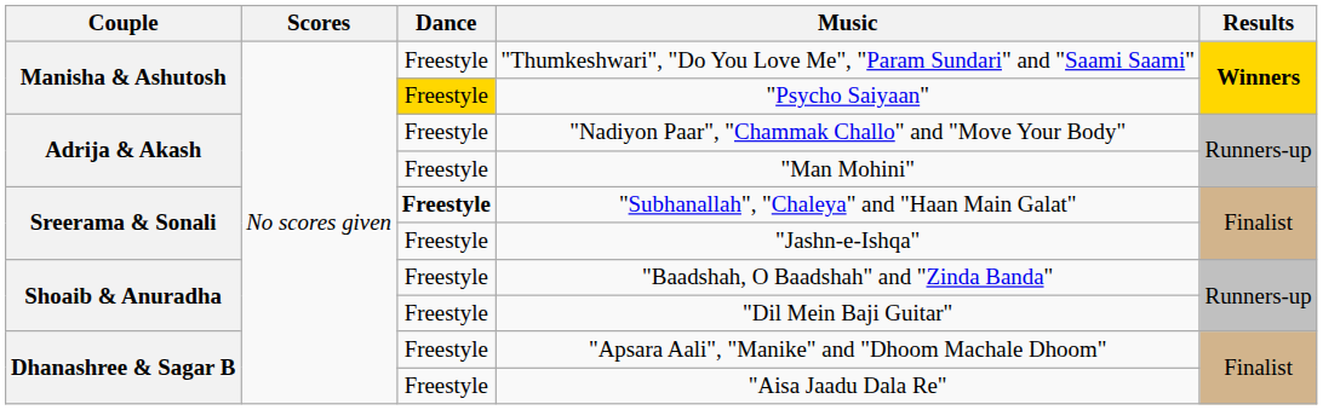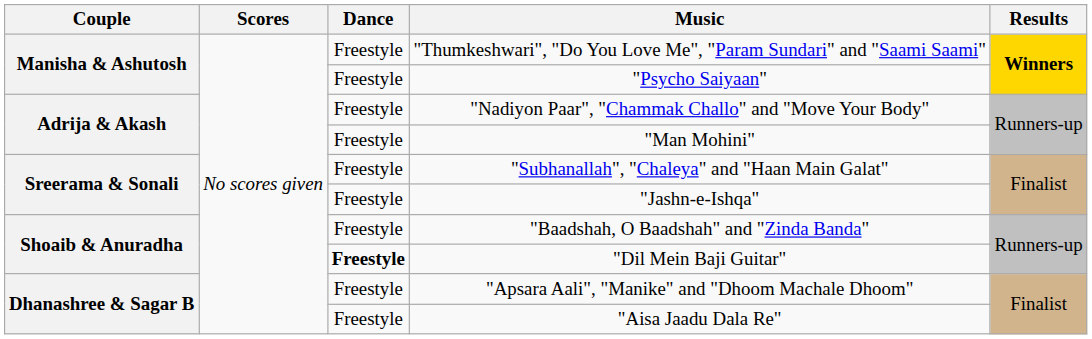 <table class="wikitable plainrowheaders sortable" style="text-align:center;">
 <tr>
 <th class="sortable" scope="col" style="text-align:center">Couple</th>
 <th scope="col">Scores</th>
 <th class="unsortable" scope="col">Dance</th>
 <th scope="col" class="unsortable">Music</th>
 <th scope="col" class="unsortable">Results</th>
 </tr>
 <tr>
 <th rowspan="2">Manisha & Ashutosh</th>
 <td rowspan="10"><em>No scores given</em></td>
 <td>Freestyle</td>
 <td>"Thumkeshwari", "Do You Love Me", "<a href='#'>Param Sundari</a>" and "<a href='#'>Saami Saami</a>"</td>
 <td rowspan="2" bgcolor=gold><strong>Winners</strong></td>
 </tr>
 <tr>
-<td style="background: gold;">Freestyle</td>
+<td>Freestyle</td>
 <td>"<a href='#'>Psycho Saiyaan</a>"</td>
 </tr>
 <tr>
 <th rowspan="2">Adrija & Akash</th>
 <td>Freestyle</td>
 <td>"Nadiyon Paar", "<a href='#'>Chammak Challo</a>" and "Move Your Body"</td>
 <td rowspan="2" bgcolor=silver>Runners-up</td>
 </tr>
 <tr>
 <td>Freestyle</td>
 <td>"Man Mohini"</td>
 </tr>
 <tr>
 <th rowspan="2">Sreerama & Sonali</th>
-<td><strong>Freestyle</strong></td>
+<td>Freestyle</td>
 <td>"<a href='#'>Subhanallah</a>", "<a href='#'>Chaleya</a>" and "Haan Main Galat"</td>
 <td rowspan="2" bgcolor=tan>Finalist</td>
 </tr>
 <tr>
 <td>Freestyle</td>
 <td>"Jashn-e-Ishqa"</td>
 </tr>
 <tr>
 <th rowspan="2">Shoaib & Anuradha</th>
 <td>Freestyle</td>
 <td>"Baadshah, O Baadshah" and "<a href='#'>Zinda Banda</a>"</td>
 <td rowspan="2" bgcolor=silver>Runners-up</td>
 </tr>
 <tr>
-<td>Freestyle</td>
+<td><strong>Freestyle</strong></td>
 <td>"Dil Mein Baji Guitar"</td>
 </tr>
 <tr>
 <th rowspan="2">Dhanashree & Sagar B</th>
 <td>Freestyle</td>
 <td>"Apsara Aali", "Manike" and "Dhoom Machale Dhoom"</td>
 <td rowspan="2" bgcolor=tan>Finalist</td>
 </tr>
 <tr>
 <td>Freestyle</td>
 <td>"Aisa Jaadu Dala Re"</td>
 </tr>
 </table>
